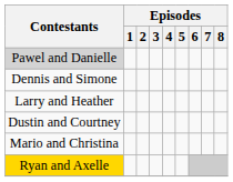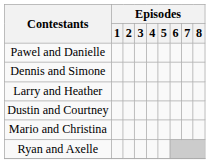 <table class="wikitable" style="text-align:center">
 <tr>
 <th rowspan=2>Contestants</th>
 <th colspan=8>Episodes</th>
 </tr>
 <tr>
 <th>1</th>
 <th>2</th>
 <th>3</th>
 <th>4</th>
 <th>5</th>
 <th>6</th>
 <th>7</th>
 <th>8</th>
 </tr>
 <tr>
-<td style="background: lightgrey;">Pawel and Danielle</td>
+<td>Pawel and Danielle</td>
 <td></td>
 <td></td>
 <td></td>
 <td></td>
 <td></td>
 <td></td>
 <td></td>
 <td></td>
 </tr>
 <tr>
 <td>Dennis and Simone</td>
 <td></td>
 <td></td>
 <td></td>
 <td></td>
 <td></td>
 <td></td>
 <td></td>
 <td></td>
 </tr>
 <tr>
 <td>Larry and Heather</td>
 <td></td>
 <td></td>
 <td></td>
 <td></td>
 <td></td>
 <td></td>
 <td></td>
 <td></td>
 </tr>
 <tr>
 <td>Dustin and Courtney</td>
 <td></td>
 <td></td>
 <td></td>
 <td></td>
 <td></td>
 <td></td>
 <td></td>
 <td></td>
 </tr>
 <tr>
 <td>Mario and Christina</td>
 <td></td>
 <td></td>
 <td></td>
 <td></td>
 <td></td>
 <td></td>
 <td></td>
 <td></td>
 </tr>
 <tr>
-<td style="background: gold;">Ryan and Axelle</td>
+<td>Ryan and Axelle</td>
 <td></td>
 <td></td>
 <td></td>
 <td></td>
 <td></td>
 <td bgcolor="#CCCCCC" colspan=5></td>
 </tr>
 <tr>
 </tr>
 </table>
